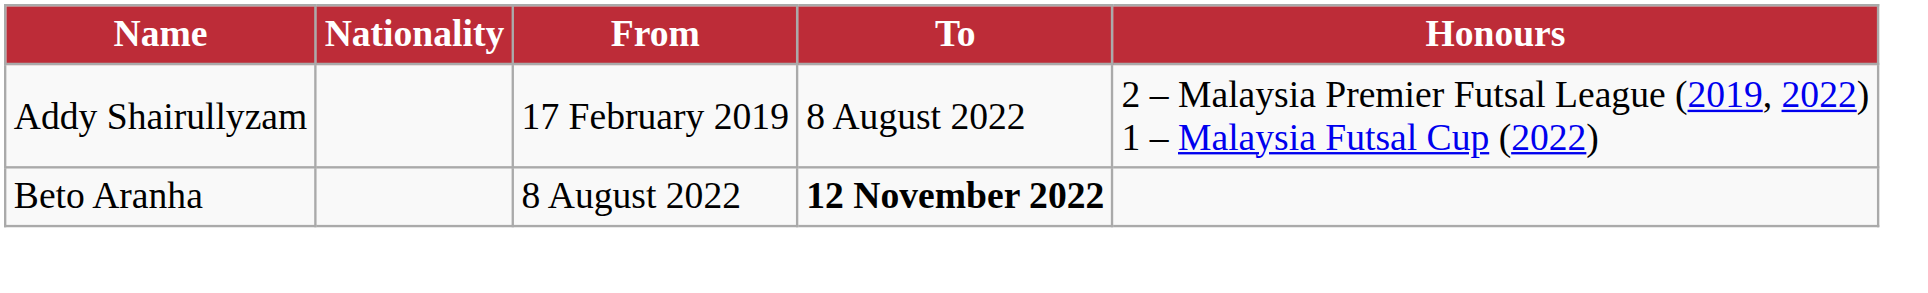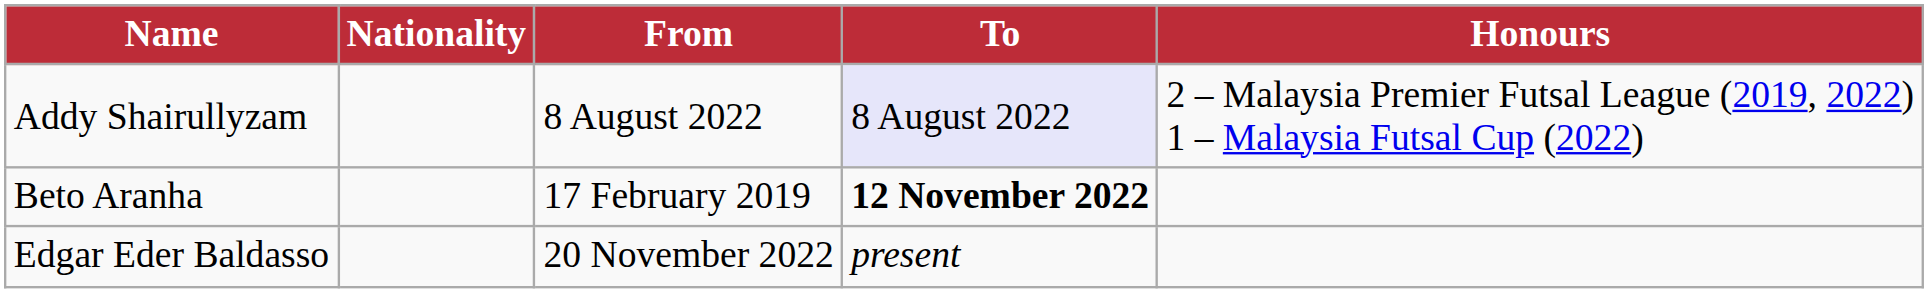 <table class="wikitable sortable">
 <tr>
 <th style="background-color:#bd2c38; color:white;">Name</th>
 <th style="background-color:#bd2c38; color:white;">Nationality</th>
 <th style="background-color:#bd2c38; color:white;">From</th>
 <th style="background-color:#bd2c38; color:white;">To</th>
 <th style="background-color:#bd2c38; color:white;">Honours</th>
 </tr>
 <tr>
 <td>Addy Shairullyzam</td>
 <td></td>
-<td>17 February 2019</td>
 <td>8 August 2022</td>
+<td style="background: lavender;">8 August 2022</td>
 <td>2 – Malaysia Premier Futsal League (<a href='#'>2019</a>, <a href='#'>2022</a>)<br>1 – <a href='#'>Malaysia Futsal Cup</a> (<a href='#'>2022</a>)</td>
 </tr>
 <tr>
 <td>Beto Aranha</td>
 <td></td>
-<td>8 August 2022</td>
+<td>17 February 2019</td>
 <td><strong>12 November 2022</strong></td>
 <td></td>
 </tr>
+<tr>
+<td>Edgar Eder Baldasso</td>
+<td></td>
+<td>20 November 2022</td>
+<td><em>present</em></td>
+<td></td>
+</tr>
 </table>
